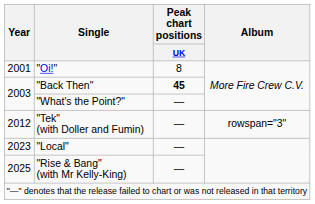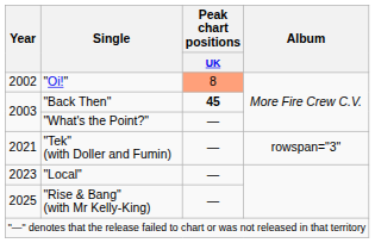 <table class="wikitable" style="text-align:center;">
 <tr>
 <th rowspan="2">Year</th>
 <th rowspan="2">Single</th>
 <th>Peak chart positions</th>
 <th rowspan="2">Album</th>
 </tr>
 <tr>
 <th style="width:36px;"><small><a href='#'>UK</a></small></th>
 </tr>
 <tr>
-<td>2001</td>
+<td>2002</td>
 <td align="left">"<a href='#'>Oi!</a>"</td>
-<td align="center">8</td>
+<td align="center" style="background: lightsalmon;">8</td>
 <td rowspan="3"><em>More Fire Crew C.V.</em></td>
 </tr>
 <tr>
 <td rowspan="2">2003</td>
 <td align="left">"Back Then"</td>
 <td align="center"><strong>45</strong></td>
 </tr>
 <tr>
 <td align="left">"What's the Point?"</td>
 <td align="center">—</td>
 </tr>
 <tr>
-<td>2012</td>
+<td>2021</td>
 <td align="left">"Tek"<br><span>(with Doller and Fumin)</span></td>
 <td align="center">—</td>
 <td>rowspan="3" </td>
 </tr>
 <tr>
 <td>2023</td>
 <td align="left">"Local"</td>
 <td align="center">—</td>
 </tr>
 <tr>
 <td>2025</td>
 <td align="left">"Rise & Bang"<br><span>(with Mr Kelly-King)</span></td>
 <td align="center">—</td>
 </tr>
 <tr>
 <td colspan="23" style="text-align:center;"><small>"—" denotes that the release failed to chart or was not released in that territory</small></td>
 </tr>
 </table>
